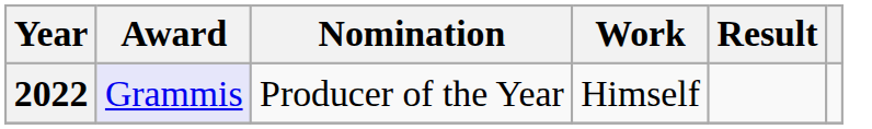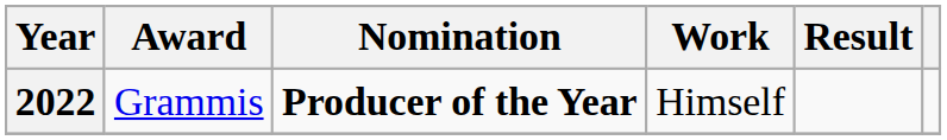 <table class="wikitable plainrowheaders">
 <tr>
 <th scope="col">Year</th>
 <th scope="col">Award</th>
 <th scope="col">Nomination</th>
 <th scope="col">Work</th>
 <th scope="col">Result</th>
 <th scope="col"></th>
 </tr>
 <tr>
 <th scope="row">2022</th>
-<td style="background: lavender;"><a href='#'>Grammis</a></td>
-<td>Producer of the Year</td>
+<td><a href='#'>Grammis</a></td>
+<td><strong>Producer of the Year</strong></td>
 <td>Himself</td>
 <td></td>
 <td></td>
 </tr>
 <tr>
 </tr>
 </table>
